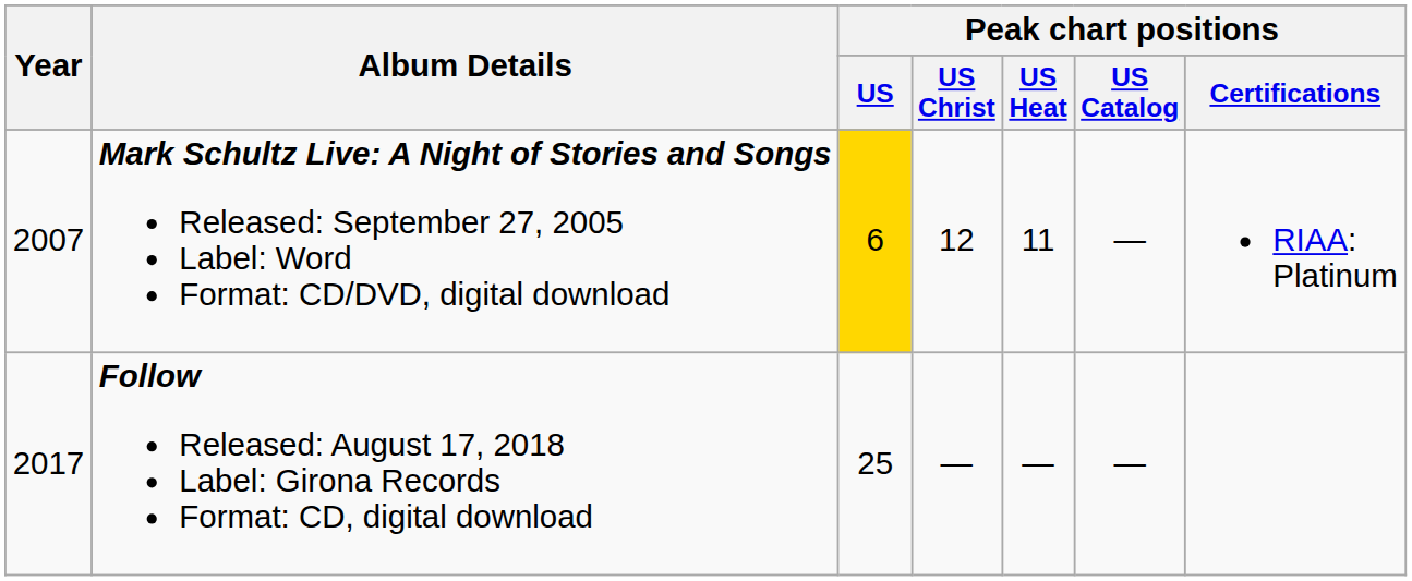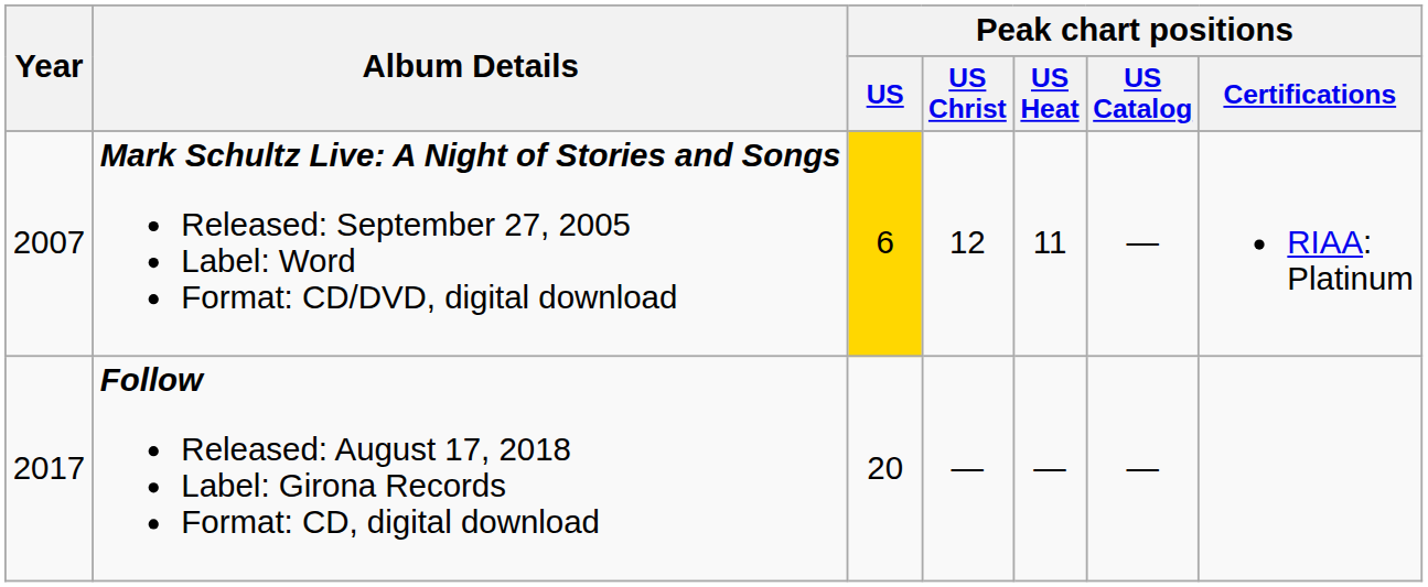 <table class="wikitable" style="text-align:left">
 <tr>
 <th rowspan="2">Year</th>
 <th rowspan="2">Album Details</th>
 <th colspan="5">Peak chart positions</th>
 </tr>
 <tr style="font-size:smaller;">
 <th style="width:30px;"><a href='#'>US</a></th>
 <th style="width:30px;"><a href='#'>US<br>Christ</a></th>
 <th style="width:30px;"><a href='#'>US<br>Heat</a></th>
 <th style="width:30px;"><a href='#'>US<br>Catalog</a></th>
 <th style="width:60px;"><a href='#'>Certifications</a></th>
 </tr>
 <tr>
 <td>2007</td>
 <td><strong><em>Mark Schultz Live: A Night of Stories and Songs</em></strong><br><ul><li>Released: September 27, 2005</li><li>Label: Word</li><li>Format: CD/DVD, digital download</li></ul></td>
 <td style="background: gold; text-align:center;">6</td>
 <td style="text-align:center;">12</td>
 <td style="text-align:center;">11</td>
 <td style="text-align:center;">—</td>
 <td style="text-align:left;"><br><ul><li><a href='#'>RIAA</a>: Platinum</li></ul></td>
 </tr>
 <tr>
 <td>2017</td>
 <td><strong><em>Follow</em></strong><br><ul><li>Released: August 17, 2018</li><li>Label: Girona Records</li><li>Format: CD, digital download</li></ul></td>
-<td style="text-align:center;">25</td>
+<td style="text-align:center;">20</td>
 <td style="text-align:center;">—</td>
 <td style="text-align:center;">—</td>
 <td style="text-align:center;">—</td>
 <td style="text-align:left;"></td>
 </tr>
 </table>
